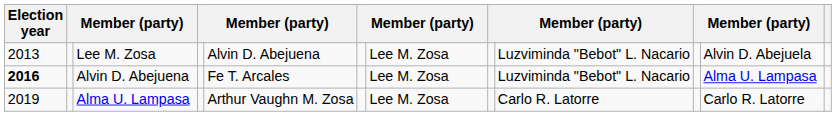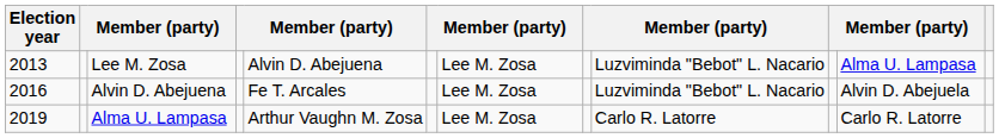 <table class=wikitable>
 <tr>
 <th width=60px>Election<br>year</th>
 <th colspan=2 width=140px>Member (party)</th>
 <th colspan=2 width=140px>Member (party)</th>
 <th colspan=2 width=140px>Member (party)</th>
 <th colspan=2 width=140px>Member (party)</th>
 <th colspan=2 width=140px>Member (party)</th>
 <th !></th>
 </tr>
 <tr>
 <td>2013</td>
 <td></td>
 <td>Lee M. Zosa<br></td>
 <td></td>
 <td>Alvin D. Abejuena<br></td>
 <td></td>
 <td>Lee M. Zosa</td>
 <td></td>
 <td>Luzviminda "Bebot" L. Nacario</td>
 <td></td>
-<td>Alvin D. Abejuela</td>
+<td><a href='#'>Alma U. Lampasa</a><br></td>
 <td></td>
 </tr>
 <tr>
-<td><strong>2016</strong></td>
+<td>2016</td>
 <td bgcolor=></td>
 <td>Alvin D. Abejuena<br></td>
 <td bgcolor=></td>
 <td>Fe T. Arcales<br></td>
 <td bgcolor=></td>
 <td>Lee M. Zosa<br></td>
 <td bgcolor=></td>
 <td>Luzviminda "Bebot" L. Nacario<br></td>
 <td bgcolor=></td>
-<td><a href='#'>Alma U. Lampasa</a><br></td>
+<td>Alvin D. Abejuela</td>
 <td></td>
 </tr>
 <tr>
 <td>2019</td>
 <td bgcolor=></td>
 <td><a href='#'>Alma U. Lampasa</a></td>
 <td bgcolor=></td>
 <td>Arthur Vaughn M. Zosa</td>
 <td bgcolor=></td>
 <td>Lee M. Zosa</td>
 <td bgcolor=></td>
 <td>Carlo R. Latorre<br></td>
 <td bgcolor=></td>
 <td>Carlo R. Latorre<br></td>
 <td></td>
 </tr>
 </table>
